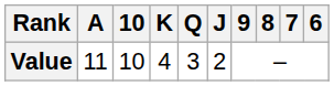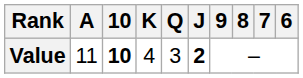 <table class="wikitable" align="float:left"  style="background-color:white">
 <tr>
 <th>Rank</th>
 <th>A</th>
 <th>10</th>
 <th>K</th>
 <th>Q</th>
 <th>J</th>
 <th>9</th>
 <th>8</th>
 <th>7</th>
 <th>6</th>
 </tr>
 <tr align="center">
 <th>Value</th>
 <td>11</td>
-<td>10</td>
+<td><strong>10</strong></td>
 <td>4</td>
 <td>3</td>
-<td>2</td>
+<td><strong>2</strong></td>
 <td colspan=4>–</td>
 </tr>
 </table>
